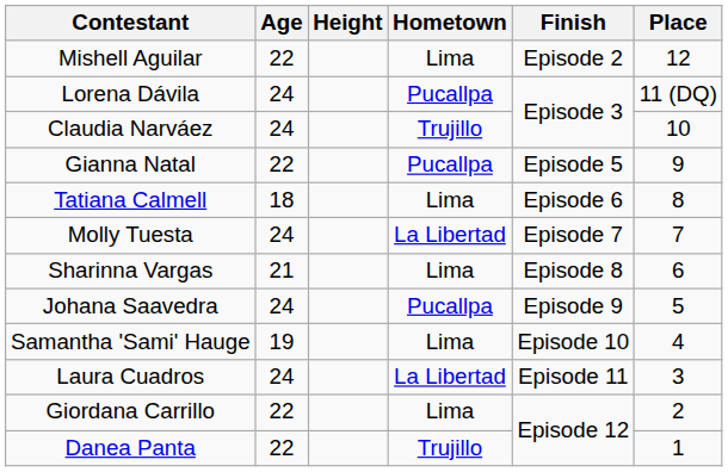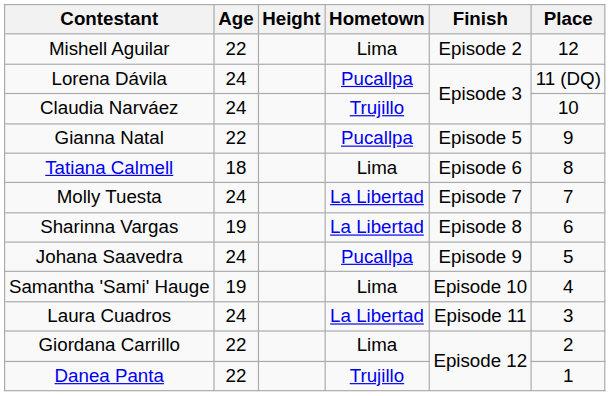 <table class="wikitable sortable" style="text-align:center;">
 <tr>
 <th>Contestant</th>
 <th>Age</th>
 <th>Height</th>
 <th>Hometown</th>
 <th>Finish</th>
 <th>Place</th>
 </tr>
 <tr>
 <td>Mishell Aguilar</td>
 <td>22</td>
 <td></td>
 <td>Lima</td>
 <td>Episode 2</td>
 <td>12</td>
 </tr>
 <tr>
 <td>Lorena Dávila</td>
 <td>24</td>
 <td></td>
 <td><a href='#'>Pucallpa</a></td>
 <td rowspan="2">Episode 3</td>
 <td>11 (DQ)</td>
 </tr>
 <tr>
 <td>Claudia Narváez</td>
 <td>24</td>
 <td></td>
 <td><a href='#'>Trujillo</a></td>
 <td>10</td>
 </tr>
 <tr>
 <td>Gianna Natal</td>
 <td>22</td>
 <td></td>
 <td><a href='#'>Pucallpa</a></td>
 <td>Episode 5</td>
 <td>9</td>
 </tr>
 <tr>
 <td><a href='#'>Tatiana Calmell</a></td>
 <td>18</td>
 <td></td>
 <td>Lima</td>
 <td>Episode 6</td>
 <td>8</td>
 </tr>
 <tr>
 <td>Molly Tuesta</td>
 <td>24</td>
 <td></td>
 <td><a href='#'>La Libertad</a></td>
 <td>Episode 7</td>
 <td>7</td>
 </tr>
 <tr>
 <td>Sharinna Vargas</td>
-<td>21</td>
+<td>19</td>
 <td></td>
-<td>Lima</td>
+<td><a href='#'>La Libertad</a></td>
 <td>Episode 8</td>
 <td>6</td>
 </tr>
 <tr>
 <td>Johana Saavedra</td>
 <td>24</td>
 <td></td>
 <td><a href='#'>Pucallpa</a></td>
 <td>Episode 9</td>
 <td>5</td>
 </tr>
 <tr>
 <td>Samantha 'Sami' Hauge</td>
 <td>19</td>
 <td></td>
 <td>Lima</td>
 <td>Episode 10</td>
 <td>4</td>
 </tr>
 <tr>
 <td>Laura Cuadros</td>
 <td>24</td>
 <td></td>
 <td><a href='#'>La Libertad</a></td>
 <td>Episode 11</td>
 <td>3</td>
 </tr>
 <tr>
 <td>Giordana Carrillo</td>
 <td>22</td>
 <td></td>
 <td>Lima</td>
 <td rowspan="2">Episode 12</td>
 <td>2</td>
 </tr>
 <tr>
 <td><a href='#'>Danea Panta</a></td>
 <td>22</td>
 <td></td>
 <td><a href='#'>Trujillo</a></td>
 <td>1</td>
 </tr>
 </table>
